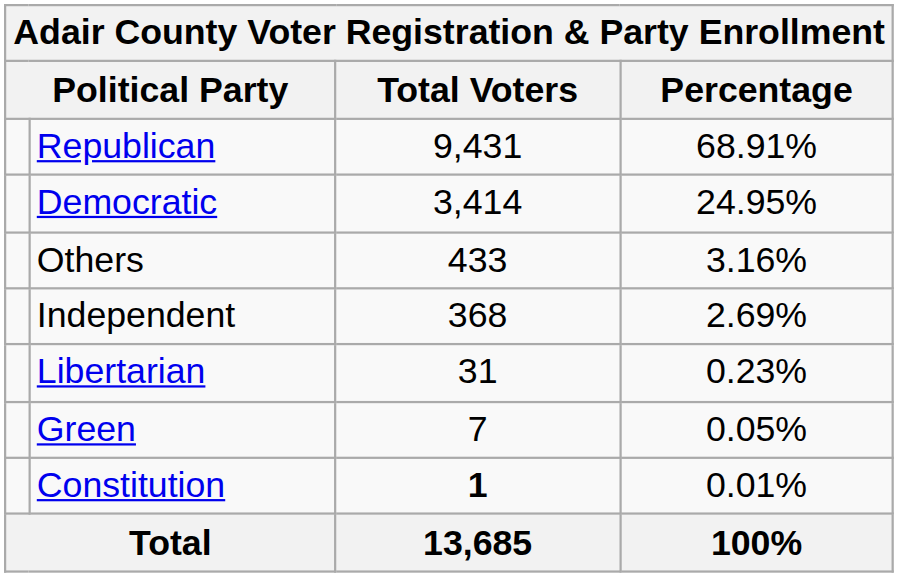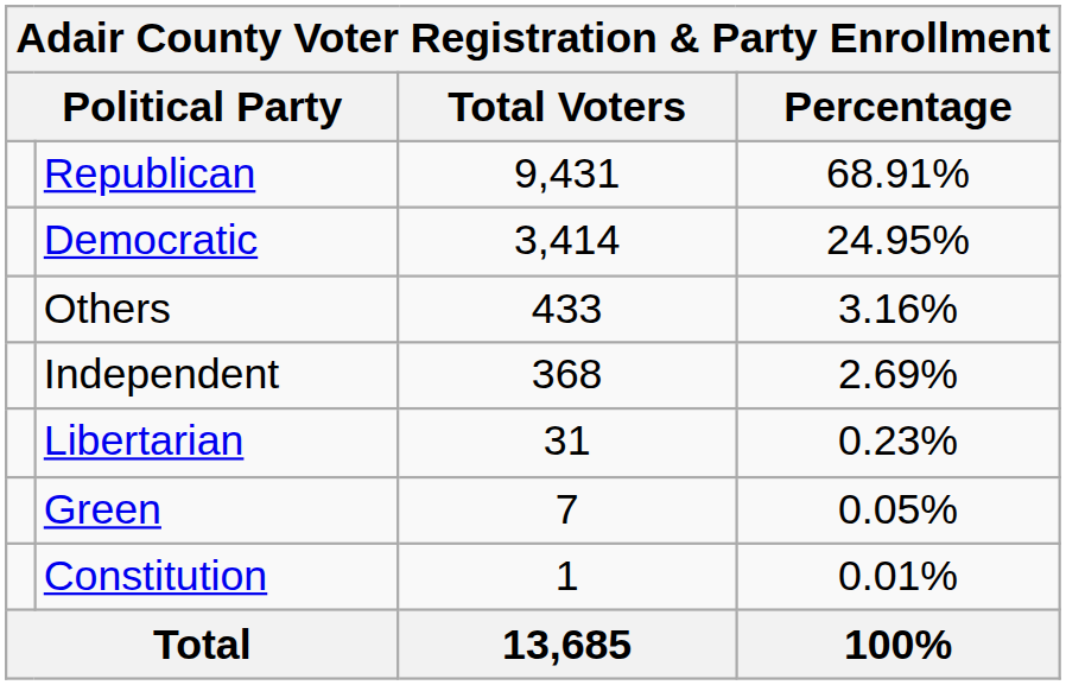 <table class=wikitable>
 <tr>
 <th colspan = 6>Adair County Voter Registration & Party Enrollment </th>
 </tr>
 <tr>
 <th colspan = 2>Political Party</th>
 <th>Total Voters</th>
 <th>Percentage</th>
 </tr>
 <tr>
 <td></td>
 <td><a href='#'>Republican</a></td>
 <td align = center>9,431</td>
 <td align = center>68.91%</td>
 </tr>
 <tr>
 <td></td>
 <td><a href='#'>Democratic</a></td>
 <td align = center>3,414</td>
 <td align = center>24.95%</td>
 </tr>
 <tr>
 <td></td>
 <td>Others</td>
 <td align = center>433</td>
 <td align = center>3.16%</td>
 </tr>
 <tr>
 <td></td>
 <td>Independent</td>
 <td align = center>368</td>
 <td align = center>2.69%</td>
 </tr>
 <tr>
 <td></td>
 <td><a href='#'>Libertarian</a></td>
 <td align = center>31</td>
 <td align = center>0.23%</td>
 </tr>
 <tr>
 <td></td>
 <td><a href='#'>Green</a></td>
 <td align = center>7</td>
 <td align = center>0.05%</td>
 </tr>
 <tr>
 <td></td>
 <td><a href='#'>Constitution</a></td>
-<td align = center><strong>1</strong></td>
+<td align = center>1</td>
 <td align = center>0.01%</td>
 </tr>
 <tr>
 <th colspan = 2>Total</th>
 <th align = center>13,685</th>
 <th align = center>100%</th>
 </tr>
 </table>
